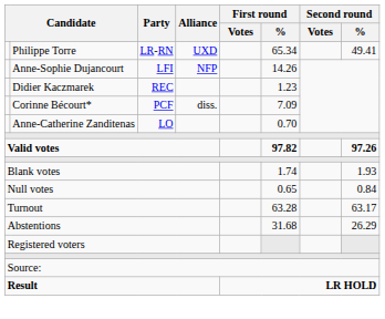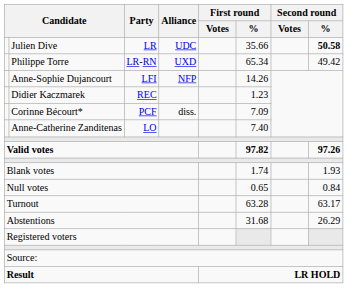 <table class="wikitable" style="text-align:right;font-size:95%;">
 <tr>
 <th colspan="2" rowspan="2">Candidate</th>
 <th colspan="1" rowspan="2">Party</th>
 <th colspan="1" rowspan="2">Alliance</th>
 <th colspan="2">First round</th>
 <th colspan="2">Second round</th>
 </tr>
 <tr>
 <th style="width:50px;">Votes</th>
 <th style="width:45px;">%</th>
 <th style="width:50px;">Votes</th>
 <th style="width:45px;">%</th>
 </tr>
 <tr>
 <td style="color:inherit;background:"></td>
+<td style="text-align:left;">Julien Dive</td>
+<td><a href='#'>LR</a></td>
+<td><a href='#'>UDC</a></td>
+<td></td>
+<td>35.66</td>
+<td><strong></strong></td>
+<td><strong>50.58</strong></td>
+</tr>
+<tr>
+<td style="color:inherit;background:"></td>
 <td style="text-align:left;">Philippe Torre</td>
 <td><a href='#'>LR</a>-<a href='#'>RN</a></td>
 <td><a href='#'>UXD</a></td>
 <td></td>
 <td>65.34</td>
 <td></td>
-<td>49.41</td>
+<td>49.42</td>
 </tr>
 <tr>
 <td style="color:inherit;background:"></td>
 <td style="text-align:left;">Anne-Sophie Dujancourt</td>
 <td><a href='#'>LFI</a></td>
 <td><a href='#'>NFP</a></td>
 <td></td>
 <td>14.26</td>
 </tr>
 <tr>
 <td style="color:inherit;background:"></td>
 <td style="text-align:left;">Didier Kaczmarek</td>
 <td><a href='#'>REC</a></td>
 <td></td>
 <td></td>
 <td>1.23</td>
 </tr>
 <tr>
 <td style="color:inherit;background:"></td>
 <td style="text-align:left;">Corinne Bécourt*</td>
 <td><a href='#'>PCF</a></td>
 <td>diss.</td>
 <td></td>
 <td>7.09</td>
 </tr>
 <tr>
 <td style="color:inherit;background:"></td>
 <td style="text-align:left;">Anne-Catherine Zanditenas</td>
 <td><a href='#'>LO</a></td>
 <td></td>
 <td></td>
-<td>0.70</td>
+<td>7.40</td>
 </tr>
 <tr>
 <td colspan="8" style="background:#E9E9E9;"></td>
 </tr>
 <tr style="font-weight:bold;">
 <td colspan="4" style="text-align:left;">Valid votes</td>
 <td></td>
 <td>97.82</td>
 <td></td>
 <td>97.26</td>
 </tr>
 <tr>
 <td colspan="8" style="background:#E9E9E9;"></td>
 </tr>
 <tr>
 <td colspan="4" style="text-align:left;">Blank votes</td>
 <td></td>
 <td>1.74</td>
 <td></td>
 <td>1.93</td>
 </tr>
 <tr>
 <td colspan="4" style="text-align:left;">Null votes</td>
 <td></td>
 <td>0.65</td>
 <td></td>
 <td>0.84</td>
 </tr>
 <tr>
 <td colspan="4" style="text-align:left;">Turnout</td>
 <td></td>
 <td>63.28</td>
 <td></td>
 <td>63.17</td>
 </tr>
 <tr>
 <td colspan="4" style="text-align:left;">Abstentions</td>
 <td></td>
 <td>31.68</td>
 <td></td>
 <td>26.29</td>
 </tr>
 <tr>
 <td colspan="4" style="text-align:left;">Registered voters</td>
 <td></td>
 <td style="background:#E9E9E9;"></td>
 <td></td>
 <td style="background:#E9E9E9;"></td>
 </tr>
 <tr>
 <td colspan="8" style="background:#E9E9E9;"></td>
 </tr>
 <tr>
 <td colspan="8" style="text-align:left;">Source: </td>
 </tr>
 <tr style="font-weight:bold">
 <td colspan="4" style="text-align:left;">Result</td>
 <td colspan="4" style="background-color:">LR HOLD</td>
 </tr>
 </table>
